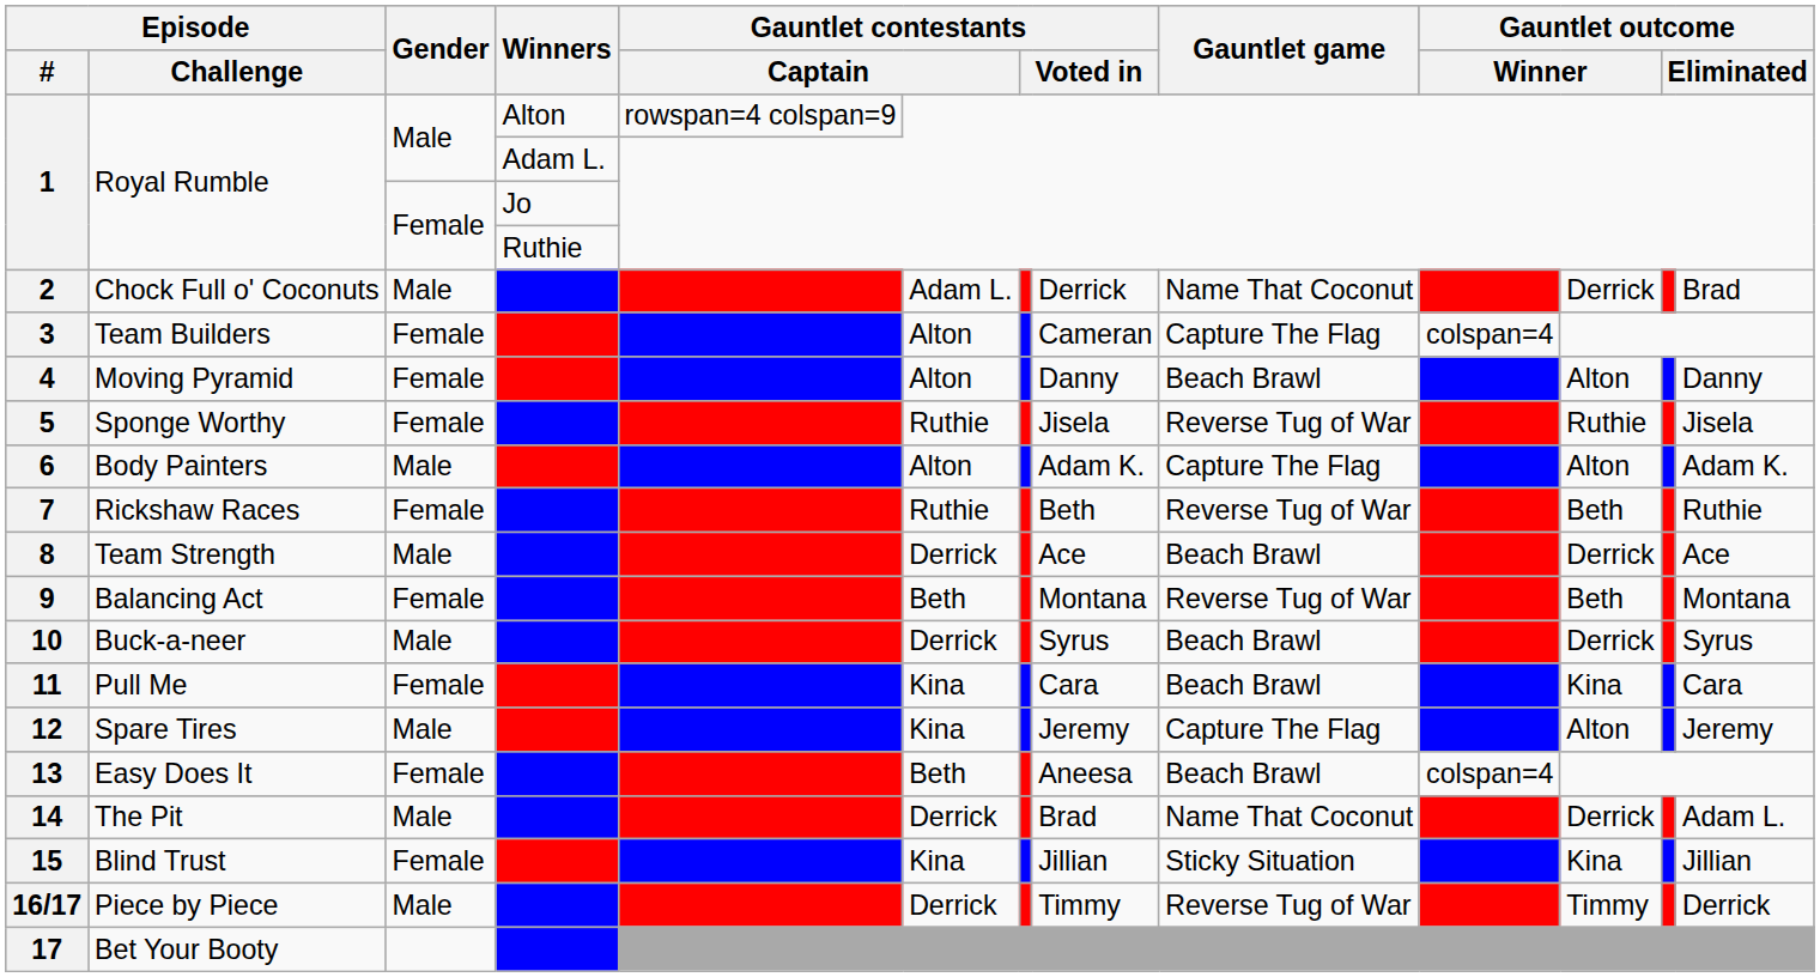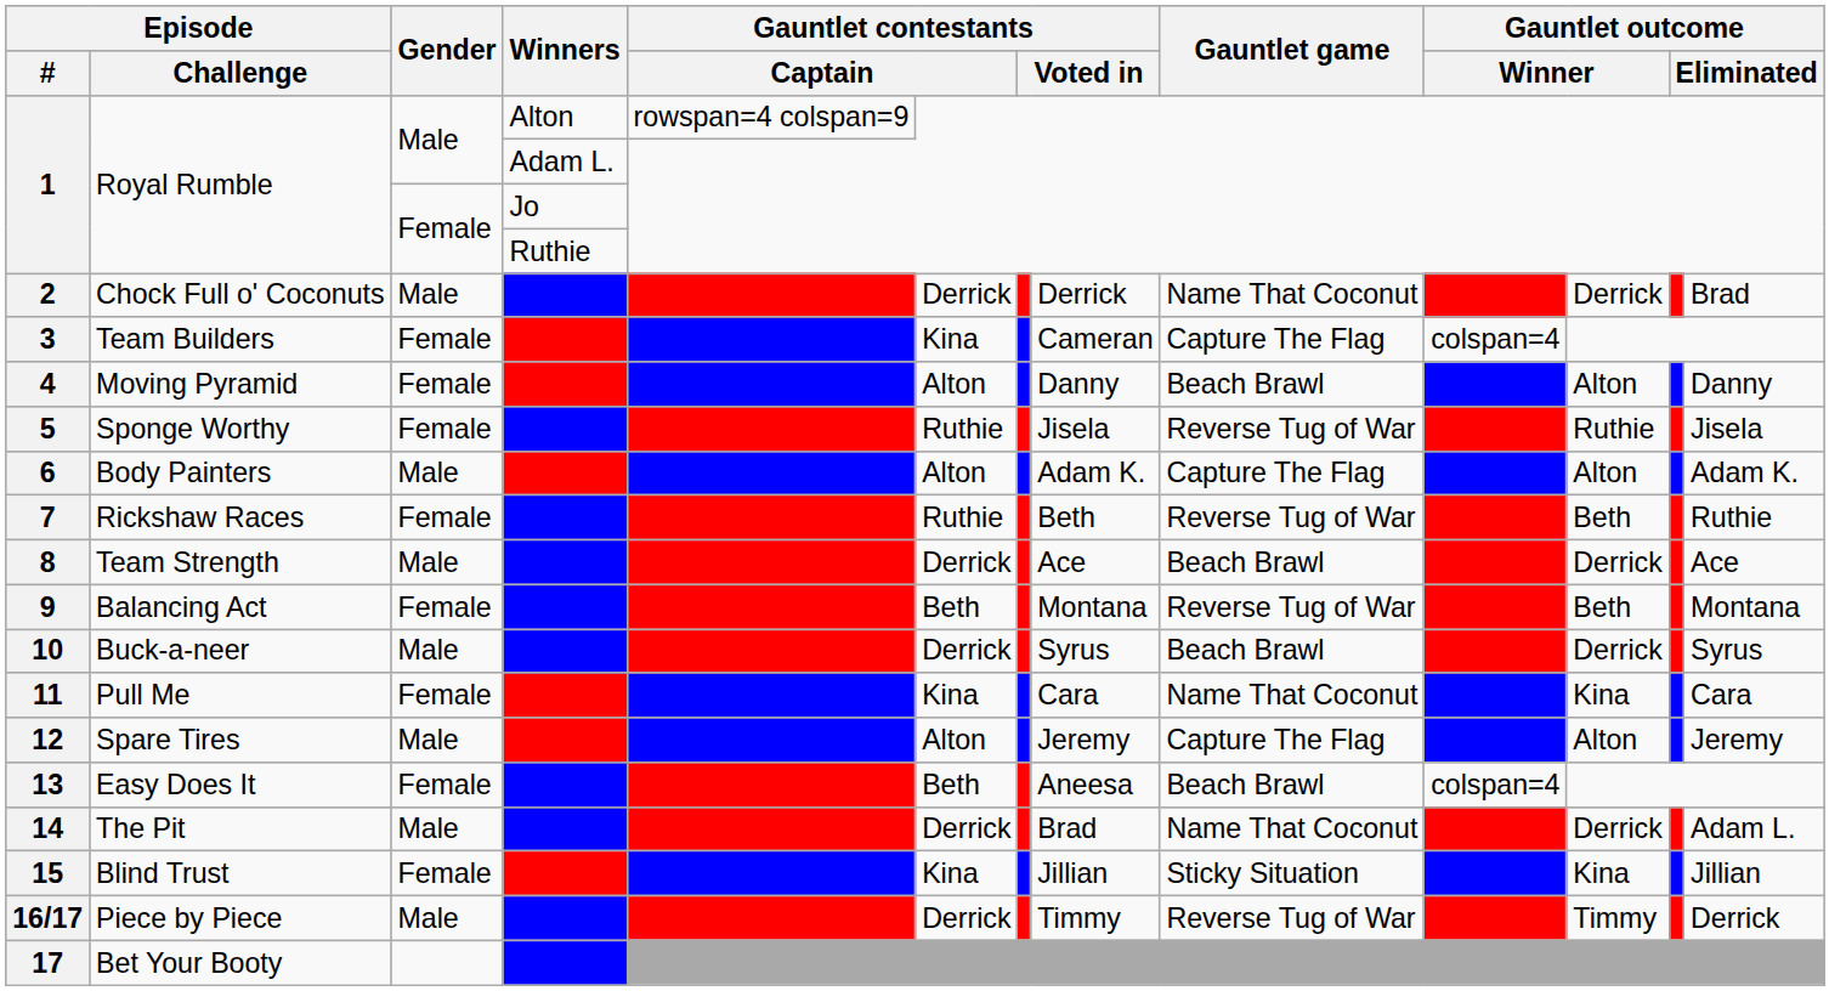 <table class="wikitable" style="font-size:90%; white-space:nowrap">
 <tr>
 <th colspan=2>Episode</th>
 <th rowspan=2>Gender</th>
 <th rowspan=2>Winners</th>
 <th colspan=4>Gauntlet contestants</th>
 <th rowspan=2>Gauntlet game</th>
 <th colspan=4>Gauntlet outcome</th>
 </tr>
 <tr>
 <th>#</th>
 <th>Challenge</th>
 <th colspan=2>Captain</th>
 <th colspan=2>Voted in</th>
 <th colspan=2>Winner</th>
 <th colspan=2>Eliminated</th>
 </tr>
 <tr>
 <th rowspan=4>1</th>
 <td rowspan=4>Royal Rumble</td>
 <td rowspan=2>Male</td>
 <td>Alton</td>
 <td>rowspan=4 colspan=9 </td>
 </tr>
 <tr>
 <td>Adam L.</td>
 </tr>
 <tr>
 <td rowspan=2>Female</td>
 <td>Jo</td>
 </tr>
 <tr>
 <td>Ruthie</td>
 </tr>
 <tr>
 <th>2</th>
 <td>Chock Full o' Coconuts</td>
 <td>Male</td>
 <td bgcolor="blue"></td>
 <td bgcolor="red"></td>
-<td>Adam L.</td>
+<td>Derrick</td>
 <td bgcolor="red"></td>
 <td>Derrick</td>
 <td>Name That Coconut</td>
 <td bgcolor="red"></td>
 <td>Derrick</td>
 <td bgcolor="red"></td>
 <td>Brad</td>
 </tr>
 <tr>
 <th>3</th>
 <td>Team Builders</td>
 <td>Female</td>
 <td bgcolor="red"></td>
 <td bgcolor="blue"></td>
-<td>Alton</td>
+<td>Kina</td>
 <td bgcolor="blue"></td>
 <td>Cameran</td>
 <td>Capture The Flag</td>
 <td>colspan=4 </td>
 </tr>
 <tr>
 <th>4</th>
 <td>Moving Pyramid</td>
 <td>Female</td>
 <td bgcolor="red"></td>
 <td bgcolor="blue"></td>
 <td>Alton</td>
 <td bgcolor="blue"></td>
 <td>Danny</td>
 <td>Beach Brawl</td>
 <td bgcolor="blue"></td>
 <td>Alton</td>
 <td bgcolor="blue"></td>
 <td>Danny</td>
 </tr>
 <tr>
 <th>5</th>
 <td>Sponge Worthy</td>
 <td>Female</td>
 <td bgcolor="blue"></td>
 <td bgcolor="red"></td>
 <td>Ruthie</td>
 <td bgcolor="red"></td>
 <td>Jisela</td>
 <td>Reverse Tug of War</td>
 <td bgcolor="red"></td>
 <td>Ruthie</td>
 <td bgcolor="red"></td>
 <td>Jisela</td>
 </tr>
 <tr>
 <th>6</th>
 <td>Body Painters</td>
 <td>Male</td>
 <td bgcolor="red"></td>
 <td bgcolor="blue"></td>
 <td>Alton</td>
 <td bgcolor="blue"></td>
 <td>Adam K.</td>
 <td>Capture The Flag</td>
 <td bgcolor="blue"></td>
 <td>Alton</td>
 <td bgcolor="blue"></td>
 <td>Adam K.</td>
 </tr>
 <tr>
 <th>7</th>
 <td>Rickshaw Races</td>
 <td>Female</td>
 <td bgcolor="blue"></td>
 <td bgcolor="red"></td>
 <td>Ruthie</td>
 <td bgcolor="red"></td>
 <td>Beth</td>
 <td>Reverse Tug of War</td>
 <td bgcolor="red"></td>
 <td>Beth</td>
 <td bgcolor="red"></td>
 <td>Ruthie</td>
 </tr>
 <tr>
 <th>8</th>
 <td>Team Strength</td>
 <td>Male</td>
 <td bgcolor="blue"></td>
 <td bgcolor="red"></td>
 <td>Derrick</td>
 <td bgcolor="red"></td>
 <td>Ace</td>
 <td>Beach Brawl</td>
 <td bgcolor="red"></td>
 <td>Derrick</td>
 <td bgcolor="red"></td>
 <td>Ace</td>
 </tr>
 <tr>
 <th>9</th>
 <td>Balancing Act</td>
 <td>Female</td>
 <td bgcolor="blue"></td>
 <td bgcolor="red"></td>
 <td>Beth</td>
 <td bgcolor="red"></td>
 <td>Montana</td>
 <td>Reverse Tug of War</td>
 <td bgcolor="red"></td>
 <td>Beth</td>
 <td bgcolor="red"></td>
 <td>Montana</td>
 </tr>
 <tr>
 <th>10</th>
 <td>Buck-a-neer</td>
 <td>Male</td>
 <td bgcolor="blue"></td>
 <td bgcolor="red"></td>
 <td>Derrick</td>
 <td bgcolor="red"></td>
 <td>Syrus</td>
 <td>Beach Brawl</td>
 <td bgcolor="red"></td>
 <td>Derrick</td>
 <td bgcolor="red"></td>
 <td>Syrus</td>
 </tr>
 <tr>
 <th>11</th>
 <td>Pull Me</td>
 <td>Female</td>
 <td bgcolor="red"></td>
 <td bgcolor="blue"></td>
 <td>Kina</td>
 <td bgcolor="blue"></td>
 <td>Cara</td>
-<td>Beach Brawl</td>
+<td>Name That Coconut</td>
 <td bgcolor="blue"></td>
 <td>Kina</td>
 <td bgcolor="blue"></td>
 <td>Cara</td>
 </tr>
 <tr>
 <th>12</th>
 <td>Spare Tires</td>
 <td>Male</td>
 <td bgcolor="red"></td>
 <td bgcolor="blue"></td>
-<td>Kina</td>
+<td>Alton</td>
 <td bgcolor="blue"></td>
 <td>Jeremy</td>
 <td>Capture The Flag</td>
 <td bgcolor="blue"></td>
 <td>Alton</td>
 <td bgcolor="blue"></td>
 <td>Jeremy</td>
 </tr>
 <tr>
 <th>13</th>
 <td>Easy Does It</td>
 <td>Female</td>
 <td bgcolor="blue"></td>
 <td bgcolor="red"></td>
 <td>Beth</td>
 <td bgcolor="red"></td>
 <td>Aneesa</td>
 <td>Beach Brawl</td>
 <td>colspan=4 </td>
 </tr>
 <tr>
 <th>14</th>
 <td>The Pit</td>
 <td>Male</td>
 <td bgcolor="blue"></td>
 <td bgcolor="red"></td>
 <td>Derrick</td>
 <td bgcolor="red"></td>
 <td>Brad</td>
 <td>Name That Coconut</td>
 <td bgcolor="red"></td>
 <td>Derrick</td>
 <td bgcolor="red"></td>
 <td>Adam L.</td>
 </tr>
 <tr>
 <th>15</th>
 <td>Blind Trust</td>
 <td>Female</td>
 <td bgcolor="red"></td>
 <td bgcolor="blue"></td>
 <td>Kina</td>
 <td bgcolor="blue"></td>
 <td>Jillian</td>
 <td>Sticky Situation</td>
 <td bgcolor="blue"></td>
 <td>Kina</td>
 <td bgcolor="blue"></td>
 <td>Jillian</td>
 </tr>
 <tr>
 <th>16/17</th>
 <td>Piece by Piece</td>
 <td>Male</td>
 <td bgcolor="blue"></td>
 <td bgcolor="red"></td>
 <td>Derrick</td>
 <td bgcolor="red"></td>
 <td>Timmy</td>
 <td>Reverse Tug of War</td>
 <td bgcolor="red"></td>
 <td>Timmy</td>
 <td bgcolor="red"></td>
 <td>Derrick</td>
 </tr>
 <tr>
 <th>17</th>
 <td>Bet Your Booty</td>
 <td></td>
 <td bgcolor="blue"><strong></strong></td>
 <td colspan=10 bgcolor="darkgray"></td>
 </tr>
 </table>
